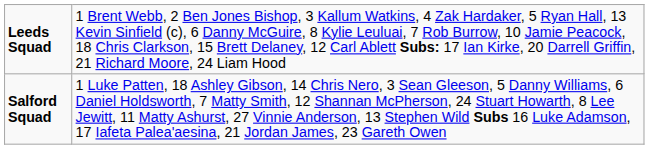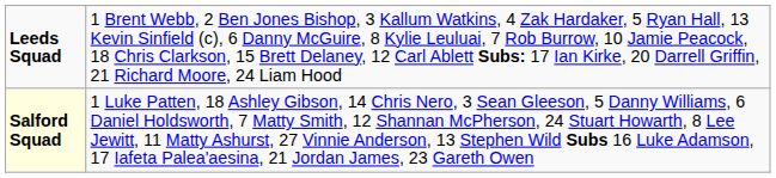 <table class="wikitable" style="font-size:85%;">
 <tr>
 <td><strong>Leeds Squad</strong></td>
 <td>1 <a href='#'>Brent Webb</a>, 2 <a href='#'>Ben Jones Bishop</a>, 3 <a href='#'>Kallum Watkins</a>, 4 <a href='#'>Zak Hardaker</a>, 5 <a href='#'>Ryan Hall</a>, 13 <a href='#'>Kevin Sinfield</a> (c), 6 <a href='#'>Danny McGuire</a>, 8 <a href='#'>Kylie Leuluai</a>, 7 <a href='#'>Rob Burrow</a>, 10 <a href='#'>Jamie Peacock</a>, 18 <a href='#'>Chris Clarkson</a>, 15 <a href='#'>Brett Delaney</a>, 12 <a href='#'>Carl Ablett</a> <strong>Subs:</strong> 17 <a href='#'>Ian Kirke</a>, 20 <a href='#'>Darrell Griffin</a>, 21 <a href='#'>Richard Moore</a>, 24 Liam Hood</td>
 </tr>
 <tr>
-<td><strong>Salford Squad</strong></td>
+<td style="background: lightyellow;"><strong>Salford Squad</strong></td>
 <td>1 <a href='#'>Luke Patten</a>, 18 <a href='#'>Ashley Gibson</a>, 14 <a href='#'>Chris Nero</a>, 3 <a href='#'>Sean Gleeson</a>, 5 <a href='#'>Danny Williams</a>, 6 <a href='#'>Daniel Holdsworth</a>, 7 <a href='#'>Matty Smith</a>, 12 <a href='#'>Shannan McPherson</a>, 24 <a href='#'>Stuart Howarth</a>, 8 <a href='#'>Lee Jewitt</a>, 11 <a href='#'>Matty Ashurst</a>, 27 <a href='#'>Vinnie Anderson</a>, 13 <a href='#'>Stephen Wild</a> <strong>Subs</strong> 16 <a href='#'>Luke Adamson</a>, 17 <a href='#'>Iafeta Palea'aesina</a>, 21 <a href='#'>Jordan James</a>, 23 <a href='#'>Gareth Owen</a></td>
 </tr>
 </table>
